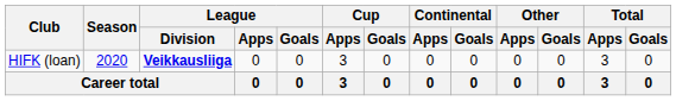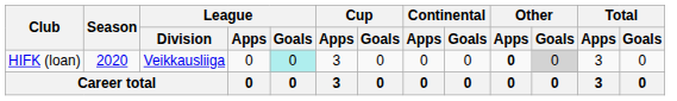 <table class="wikitable" style="text-align: center">
 <tr>
 <th rowspan="2">Club</th>
 <th rowspan="2">Season</th>
 <th colspan="3">League</th>
 <th colspan="2">Cup</th>
 <th colspan="2">Continental</th>
 <th colspan="2">Other</th>
 <th colspan="2">Total</th>
 </tr>
 <tr>
 <th>Division</th>
 <th>Apps</th>
 <th>Goals</th>
 <th>Apps</th>
 <th>Goals</th>
 <th>Apps</th>
 <th>Goals</th>
 <th>Apps</th>
 <th>Goals</th>
 <th>Apps</th>
 <th>Goals</th>
 </tr>
 <tr>
 <td><a href='#'>HIFK</a> (loan)</td>
 <td><a href='#'>2020</a></td>
-<td><strong><a href='#'>Veikkausliiga</a></strong></td>
+<td><a href='#'>Veikkausliiga</a></td>
 <td>0</td>
-<td>0</td>
+<td style="background: paleturquoise;">0</td>
 <td>3</td>
 <td>0</td>
 <td>0</td>
 <td>0</td>
-<td>0</td>
-<td>0</td>
+<td><strong>0</strong></td>
+<td style="background: lightgrey;">0</td>
 <td>3</td>
 <td>0</td>
 </tr>
 <tr>
 <th colspan="3"><strong>Career total</strong></th>
 <th>0</th>
 <th>0</th>
 <th>3</th>
 <th>0</th>
 <th>0</th>
 <th>0</th>
 <th>0</th>
 <th>0</th>
 <th>3</th>
 <th>0</th>
 </tr>
 </table>
